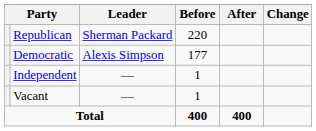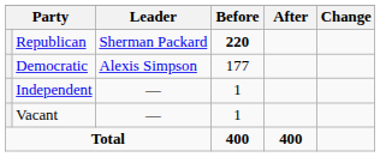 <table class="wikitable" style="text-align:center;">
 <tr>
 </tr>
 <tr>
 <th colspan="2">Party</th>
 <th>Leader</th>
 <th style="width:3em">Before</th>
 <th style="width:3em">After</th>
 <th style="width:3em">Change</th>
 </tr>
 <tr>
 <th style="background-color:"></th>
 <td style="text-align:left;"><a href='#'>Republican</a></td>
 <td style="text-align:left;"><a href='#'>Sherman Packard</a></td>
-<td>220</td>
+<td><strong>220</strong></td>
 <td></td>
 <td></td>
 </tr>
 <tr>
 <th style="background-color:"></th>
 <td style="text-align:left;"><a href='#'>Democratic</a></td>
 <td style="text-align:left;"><a href='#'>Alexis Simpson</a></td>
 <td>177</td>
 <td></td>
 <td></td>
 </tr>
 <tr>
 <th style="background-color:"></th>
 <td style="text-align:left;"><a href='#'>Independent</a></td>
 <td>—</td>
 <td>1</td>
 <td></td>
 <td></td>
 </tr>
 <tr>
 <th style="background-color:"></th>
 <td style="text-align:left;">Vacant</td>
 <td>—</td>
 <td>1</td>
 <td></td>
 <td></td>
 </tr>
 <tr>
 <td colspan="3"><strong>Total</strong></td>
 <td><strong>400</strong></td>
 <td><strong>400</strong></td>
 <td></td>
 </tr>
 </table>
